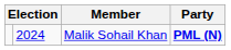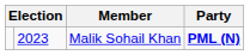 <table class="wikitable">
 <tr>
 <th colspan="2">Election</th>
 <th>Member</th>
 <th>Party</th>
 </tr>
 <tr>
 <td style="background-color: "></td>
-<td><a href='#'>2024</a></td>
+<td><a href='#'>2023</a></td>
 <td><a href='#'>Malik Sohail Khan</a></td>
 <td><strong><a href='#'>PML (N)</a></strong></td>
 </tr>
 </table>
